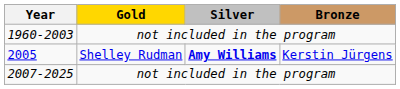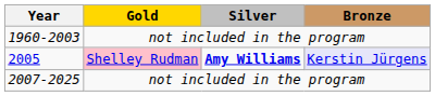 <table class="wikitable">
 <tr>
 <th>Year</th>
 <td align=center bgcolor=gold><strong>Gold</strong></td>
 <td align=center bgcolor=silver><strong>Silver</strong></td>
 <td align=center bgcolor=cc9966><strong>Bronze</strong></td>
 </tr>
 <tr>
 <td><em>1960-2003</em></td>
 <td colspan=3 align=center><em>not included in the program</em></td>
 </tr>
 <tr>
 <td><a href='#'>2005</a></td>
-<td> <a href='#'>Shelley Rudman</a></td>
+<td style="background: pink;"> <a href='#'>Shelley Rudman</a></td>
 <td><strong> <a href='#'>Amy Williams</a></strong></td>
-<td> <a href='#'>Kerstin Jürgens</a></td>
+<td style="background: lavender;"> <a href='#'>Kerstin Jürgens</a></td>
 </tr>
 <tr>
 <td><em>2007-2025</em></td>
 <td colspan=3 align=center><em>not included in the program</em></td>
 </tr>
 </table>
